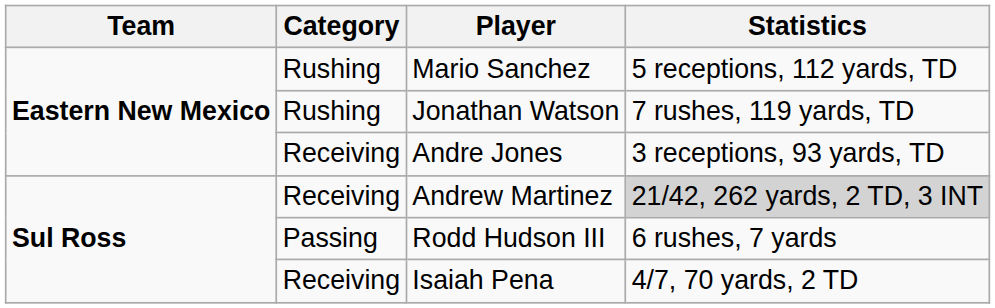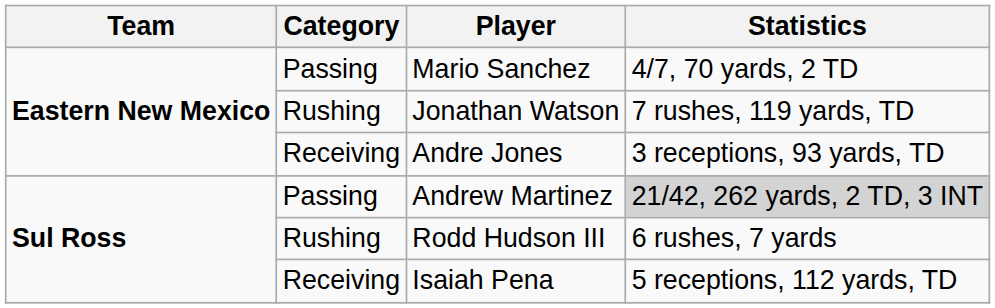 <table class="wikitable" style="float: right;">
 <tr>
 <th>Team</th>
 <th>Category</th>
 <th>Player</th>
 <th>Statistics</th>
 </tr>
 <tr>
 <td rowspan=3><strong>Eastern New Mexico</strong></td>
-<td>Rushing</td>
+<td>Passing</td>
 <td>Mario Sanchez</td>
-<td>5 receptions, 112 yards, TD</td>
+<td>4/7, 70 yards, 2 TD</td>
 </tr>
 <tr>
 <td>Rushing</td>
 <td>Jonathan Watson</td>
 <td>7 rushes, 119 yards, TD</td>
 </tr>
 <tr>
 <td>Receiving</td>
 <td>Andre Jones</td>
 <td>3 receptions, 93 yards, TD</td>
 </tr>
 <tr>
 <td rowspan=3><strong>Sul Ross</strong></td>
-<td>Receiving</td>
+<td>Passing</td>
 <td>Andrew Martinez</td>
 <td style="background: lightgrey;">21/42, 262 yards, 2 TD, 3 INT</td>
 </tr>
 <tr>
-<td>Passing</td>
+<td>Rushing</td>
 <td>Rodd Hudson III</td>
 <td>6 rushes, 7 yards</td>
 </tr>
 <tr>
 <td>Receiving</td>
 <td>Isaiah Pena</td>
-<td>4/7, 70 yards, 2 TD</td>
+<td>5 receptions, 112 yards, TD</td>
 </tr>
 </table>
